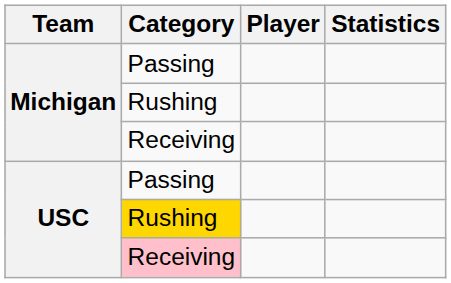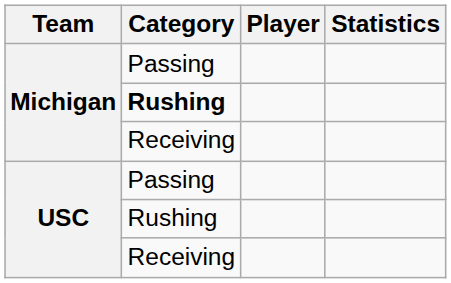 <table class="wikitable" style="float:right">
 <tr>
 <th>Team</th>
 <th>Category</th>
 <th>Player</th>
 <th>Statistics</th>
 </tr>
 <tr>
 <th rowspan=3>Michigan</th>
 <td>Passing</td>
 <td></td>
 <td></td>
 </tr>
 <tr>
-<td>Rushing</td>
+<td><strong>Rushing</strong></td>
 <td></td>
 <td></td>
 </tr>
 <tr>
 <td>Receiving</td>
 <td></td>
 <td></td>
 </tr>
 <tr>
 <th rowspan=3>USC</th>
 <td>Passing</td>
 <td></td>
 <td></td>
 </tr>
 <tr>
-<td style="background: gold;">Rushing</td>
+<td>Rushing</td>
 <td></td>
 <td></td>
 </tr>
 <tr>
-<td style="background: pink;">Receiving</td>
+<td>Receiving</td>
 <td></td>
 <td></td>
 </tr>
 </table>
